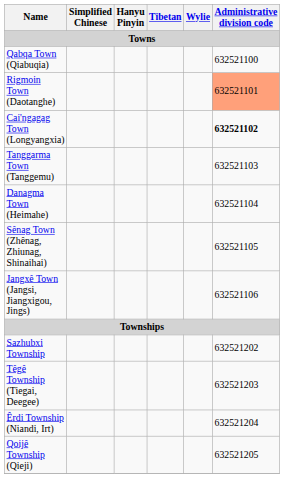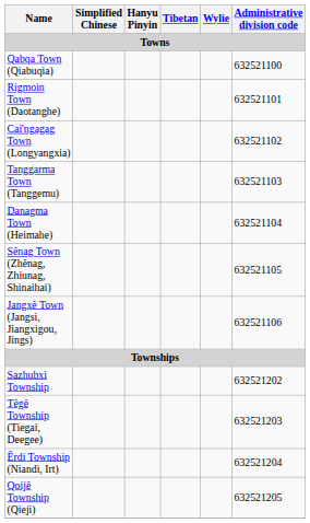 <table class="wikitable" align="center" style="width:50%; border="1">
 <tr>
 <th>Name</th>
 <th>Simplified Chinese</th>
 <th>Hanyu Pinyin</th>
 <th><a href='#'>Tibetan</a></th>
 <th><a href='#'>Wylie</a></th>
 <th><a href='#'>Administrative division code</a></th>
 </tr>
 <tr>
 <td colspan="7"  style="text-align:center; background:#d3d3d3;"><strong>Towns</strong></td>
 </tr>
 <tr --------->
 <td><a href='#'>Qabqa Town</a><br>(Qiabuqia)</td>
 <td></td>
 <td></td>
 <td></td>
 <td></td>
 <td>632521100</td>
 </tr>
 <tr>
 <td><a href='#'>Rigmoin Town</a><br>(Daotanghe)</td>
 <td></td>
 <td></td>
 <td></td>
 <td></td>
-<td style="background: lightsalmon;">632521101</td>
+<td>632521101</td>
 </tr>
 <tr>
 <td><a href='#'>Cai'ngagag Town</a><br>(Longyangxia)</td>
 <td></td>
 <td></td>
 <td></td>
 <td></td>
-<td><strong>632521102</strong></td>
+<td>632521102</td>
 </tr>
 <tr>
 <td><a href='#'>Tanggarma Town</a><br>(Tanggemu)</td>
 <td></td>
 <td></td>
 <td></td>
 <td></td>
 <td>632521103</td>
 </tr>
 <tr>
 <td><a href='#'>Danagma Town</a><br>(Heimahe)</td>
 <td></td>
 <td></td>
 <td></td>
 <td></td>
 <td>632521104</td>
 </tr>
 <tr>
 <td><a href='#'>Sênag Town</a><br>(Zhênag, Zhiunag, Shinaihai)</td>
 <td></td>
 <td></td>
 <td></td>
 <td></td>
 <td>632521105</td>
 </tr>
 <tr>
 <td><a href='#'>Jangxê Town</a><br>(Jangsi, Jiangxigou, Jings)</td>
 <td></td>
 <td></td>
 <td></td>
 <td></td>
 <td>632521106</td>
 </tr>
 <tr>
 <td colspan="7"  style="text-align:center; background:#d3d3d3;"><strong>Townships</strong></td>
 </tr>
 <tr --------->
 <td><a href='#'>Sazhubxi Township</a></td>
 <td></td>
 <td></td>
 <td></td>
 <td></td>
 <td>632521202</td>
 </tr>
 <tr>
 <td><a href='#'>Têgê Township</a><br>(Tiegai, Deegee)</td>
 <td></td>
 <td></td>
 <td></td>
 <td></td>
 <td>632521203</td>
 </tr>
 <tr>
 <td><a href='#'>Êrdi Township</a><br>(Niandi, Irt)</td>
 <td></td>
 <td></td>
 <td></td>
 <td></td>
 <td>632521204</td>
 </tr>
 <tr>
 <td><a href='#'>Qoijê Township</a><br>(Qieji)</td>
 <td></td>
 <td></td>
 <td></td>
 <td></td>
 <td>632521205</td>
 </tr>
 <tr>
 </tr>
 </table>
